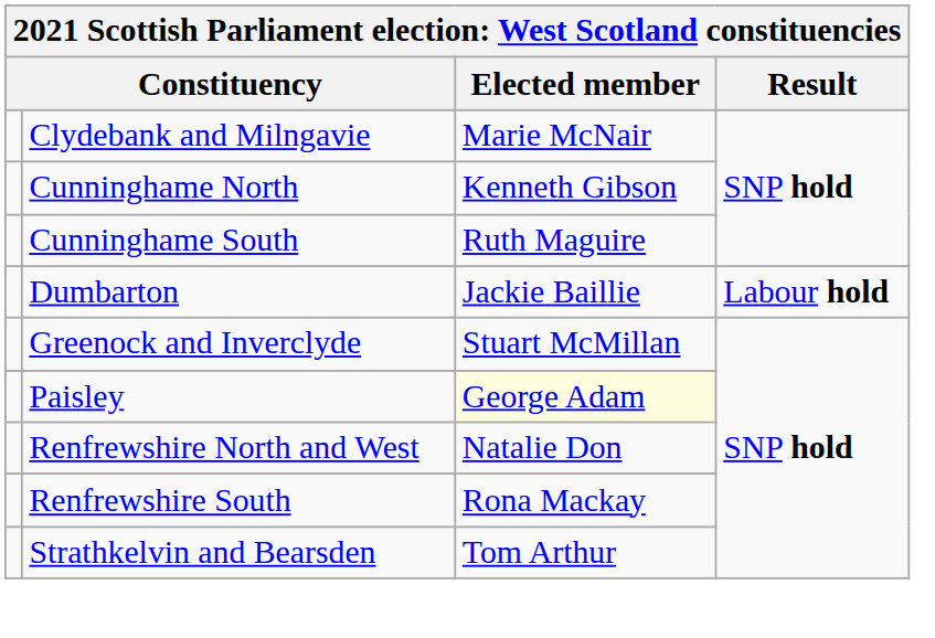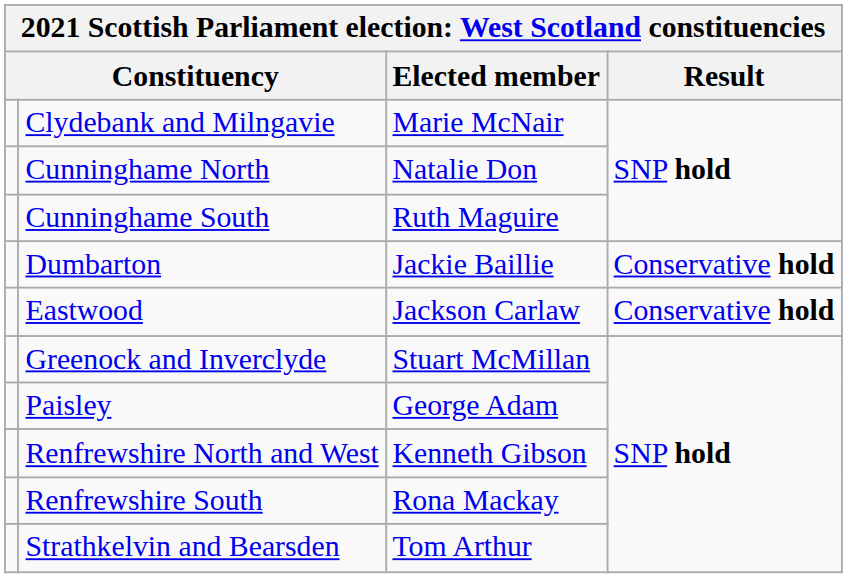 <table class="wikitable">
 <tr>
 <th colspan="4">2021 Scottish Parliament election: <a href='#'>West Scotland</a> constituencies</th>
 </tr>
 <tr>
 <th colspan="2">Constituency</th>
 <th>Elected member</th>
 <th>Result</th>
 </tr>
 <tr>
 <td style="color:inherit;background-color: "></td>
 <td><a href='#'>Clydebank and Milngavie</a></td>
 <td><a href='#'>Marie McNair</a></td>
 <td rowspan="3"><a href='#'>SNP</a> <strong>hold</strong></td>
 </tr>
 <tr>
 <td style="color:inherit;background-color: "></td>
 <td><a href='#'>Cunninghame North</a></td>
-<td><a href='#'>Kenneth Gibson</a></td>
+<td><a href='#'>Natalie Don</a></td>
 </tr>
 <tr>
 <td style="color:inherit;background-color: "></td>
 <td><a href='#'>Cunninghame South</a></td>
 <td><a href='#'>Ruth Maguire</a></td>
 </tr>
 <tr>
 <td style="color:inherit;background-color: "></td>
 <td><a href='#'>Dumbarton</a></td>
 <td><a href='#'>Jackie Baillie</a></td>
-<td><a href='#'>Labour</a> <strong>hold</strong></td>
+<td><a href='#'>Conservative</a> <strong>hold</strong></td>
+</tr>
+<tr>
+<td style="color:inherit;background-color: "></td>
+<td><a href='#'>Eastwood</a></td>
+<td><a href='#'>Jackson Carlaw</a></td>
+<td><a href='#'>Conservative</a> <strong>hold</strong></td>
 </tr>
 <tr>
 <td style="color:inherit;background-color: "></td>
 <td><a href='#'>Greenock and Inverclyde</a></td>
 <td><a href='#'>Stuart McMillan</a></td>
 <td rowspan="5"><a href='#'>SNP</a> <strong>hold</strong></td>
 </tr>
 <tr>
 <td style="color:inherit;background-color: "></td>
 <td><a href='#'>Paisley</a></td>
-<td style="background: lightyellow;"><a href='#'>George Adam</a></td>
+<td><a href='#'>George Adam</a></td>
 </tr>
 <tr>
 <td style="color:inherit;background-color: "></td>
 <td><a href='#'>Renfrewshire North and West</a></td>
-<td><a href='#'>Natalie Don</a></td>
+<td><a href='#'>Kenneth Gibson</a></td>
 </tr>
 <tr>
 <td style="color:inherit;background-color: "></td>
 <td><a href='#'>Renfrewshire South</a></td>
 <td><a href='#'>Rona Mackay</a></td>
 </tr>
 <tr>
 <td style="color:inherit;background-color: "></td>
 <td><a href='#'>Strathkelvin and Bearsden</a></td>
 <td><a href='#'>Tom Arthur</a></td>
 </tr>
 </table>
